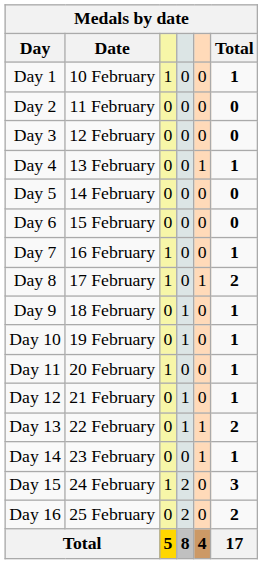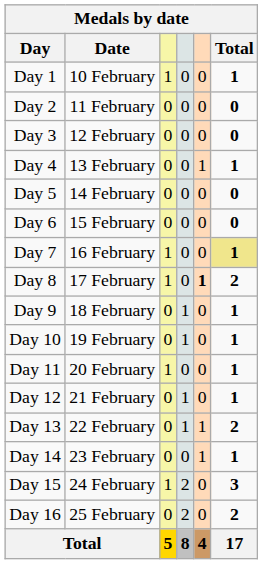 <table class=wikitable style="font-size:85%;float:right;clear:right;">
 <tr bgcolor=efefef>
 <th colspan=6>Medals by date</th>
 </tr>
 <tr align=center>
 <th>Day</th>
 <th>Date</th>
 <td bgcolor=#f7f6a8></td>
 <td bgcolor=#dce5e5></td>
 <td bgcolor=#ffdab9></td>
 <th>Total</th>
 </tr>
 <tr align=center>
 <td>Day 1</td>
 <td>10 February</td>
 <td bgcolor=F7F6A8>1</td>
 <td bgcolor=DCE5E5>0</td>
 <td bgcolor=FFDAB9>0</td>
 <td><strong>1</strong></td>
 </tr>
 <tr align=center>
 <td>Day 2</td>
 <td>11 February</td>
 <td bgcolor=F7F6A8>0</td>
 <td bgcolor=DCE5E5>0</td>
 <td bgcolor=FFDAB9>0</td>
 <td><strong>0</strong></td>
 </tr>
 <tr align=center>
 <td>Day 3</td>
 <td>12 February</td>
 <td bgcolor=F7F6A8>0</td>
 <td bgcolor=DCE5E5>0</td>
 <td bgcolor=FFDAB9>0</td>
 <td><strong>0</strong></td>
 </tr>
 <tr align=center>
 <td>Day 4</td>
 <td>13 February</td>
 <td bgcolor=F7F6A8>0</td>
 <td bgcolor=DCE5E5>0</td>
 <td bgcolor=FFDAB9>1</td>
 <td><strong>1</strong></td>
 </tr>
 <tr align=center>
 <td>Day 5</td>
 <td>14 February</td>
 <td bgcolor=F7F6A8>0</td>
 <td bgcolor=DCE5E5>0</td>
 <td bgcolor=FFDAB9>0</td>
 <td><strong>0</strong></td>
 </tr>
 <tr align=center>
 <td>Day 6</td>
 <td>15 February</td>
 <td bgcolor=F7F6A8>0</td>
 <td bgcolor=DCE5E5>0</td>
 <td bgcolor=FFDAB9>0</td>
 <td><strong>0</strong></td>
 </tr>
 <tr align=center>
 <td>Day 7</td>
 <td>16 February</td>
 <td bgcolor=F7F6A8>1</td>
 <td bgcolor=DCE5E5>0</td>
 <td bgcolor=FFDAB9>0</td>
-<td><strong>1</strong></td>
+<td style="background: khaki;"><strong>1</strong></td>
 </tr>
 <tr align=center>
 <td>Day 8</td>
 <td>17 February</td>
 <td bgcolor=F7F6A8>1</td>
 <td bgcolor=DCE5E5>0</td>
-<td bgcolor=FFDAB9>1</td>
+<td bgcolor=FFDAB9><strong>1</strong></td>
 <td><strong>2</strong></td>
 </tr>
 <tr align=center>
 <td>Day 9</td>
 <td>18 February</td>
 <td bgcolor=F7F6A8>0</td>
 <td bgcolor=DCE5E6>1</td>
 <td bgcolor=FFDAB9>0</td>
 <td><strong>1</strong></td>
 </tr>
 <tr align=center>
 <td>Day 10</td>
 <td>19 February</td>
 <td bgcolor=F7F6A8>0</td>
 <td bgcolor=DCE5E5>1</td>
 <td bgcolor=FFDAB9>0</td>
 <td><strong>1</strong></td>
 </tr>
 <tr align=center>
 <td>Day 11</td>
 <td>20 February</td>
 <td bgcolor=F7F6A8>1</td>
 <td bgcolor=DCE5E5>0</td>
 <td bgcolor=FFDAB9>0</td>
 <td><strong>1</strong></td>
 </tr>
 <tr align=center>
 <td>Day 12</td>
 <td>21 February</td>
 <td bgcolor=F7F6A8>0</td>
 <td bgcolor=DCE5E5>1</td>
 <td bgcolor=FFDAB9>0</td>
 <td><strong>1</strong></td>
 </tr>
 <tr align=center>
 <td>Day 13</td>
 <td>22 February</td>
 <td bgcolor=F7F6A8>0</td>
 <td bgcolor=DCE5E5>1</td>
 <td bgcolor=FFDAB9>1</td>
 <td><strong>2</strong></td>
 </tr>
 <tr align=center>
 <td>Day 14</td>
 <td>23 February</td>
 <td bgcolor=F7F6A8>0</td>
 <td bgcolor=DCE5E5>0</td>
 <td bgcolor=FFDAB9>1</td>
 <td><strong>1</strong></td>
 </tr>
 <tr align=center>
 <td>Day 15</td>
 <td>24 February</td>
 <td bgcolor=F7F6A8>1</td>
 <td bgcolor=DCE5E5>2</td>
 <td bgcolor=FFDAB9>0</td>
 <td><strong>3</strong></td>
 </tr>
 <tr align=center>
 <td>Day 16</td>
 <td>25 February</td>
 <td bgcolor=F7F6A8>0</td>
 <td bgcolor=DCE5E5>2</td>
 <td bgcolor=FFDAB9>0</td>
 <td><strong>2</strong></td>
 </tr>
 <tr>
 <th colspan="2">Total</th>
 <th style="background:gold;">5</th>
 <th style="background:silver;">8</th>
 <th style="background:#c96;">4</th>
 <th>17</th>
 </tr>
 </table>
